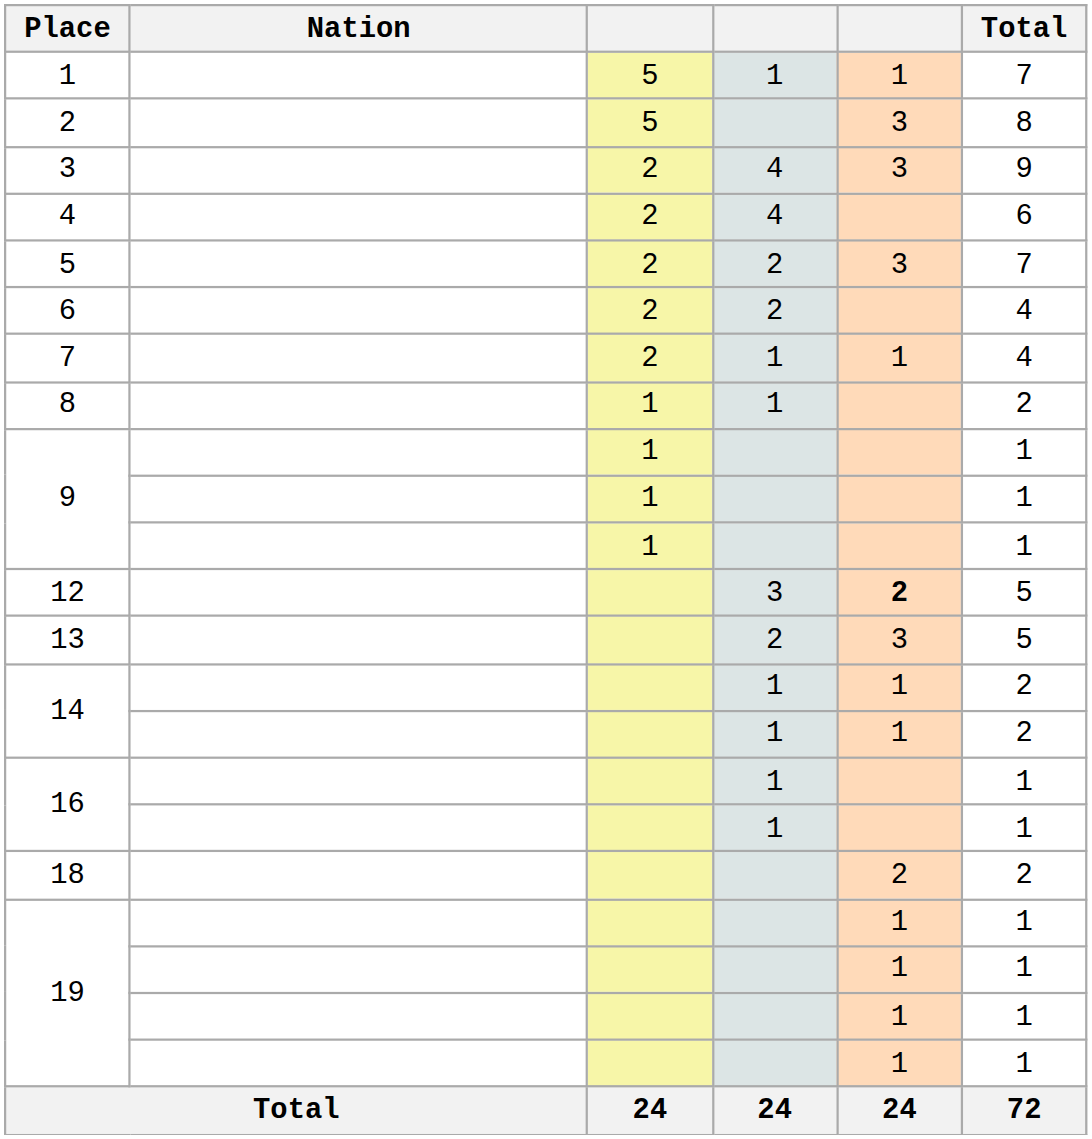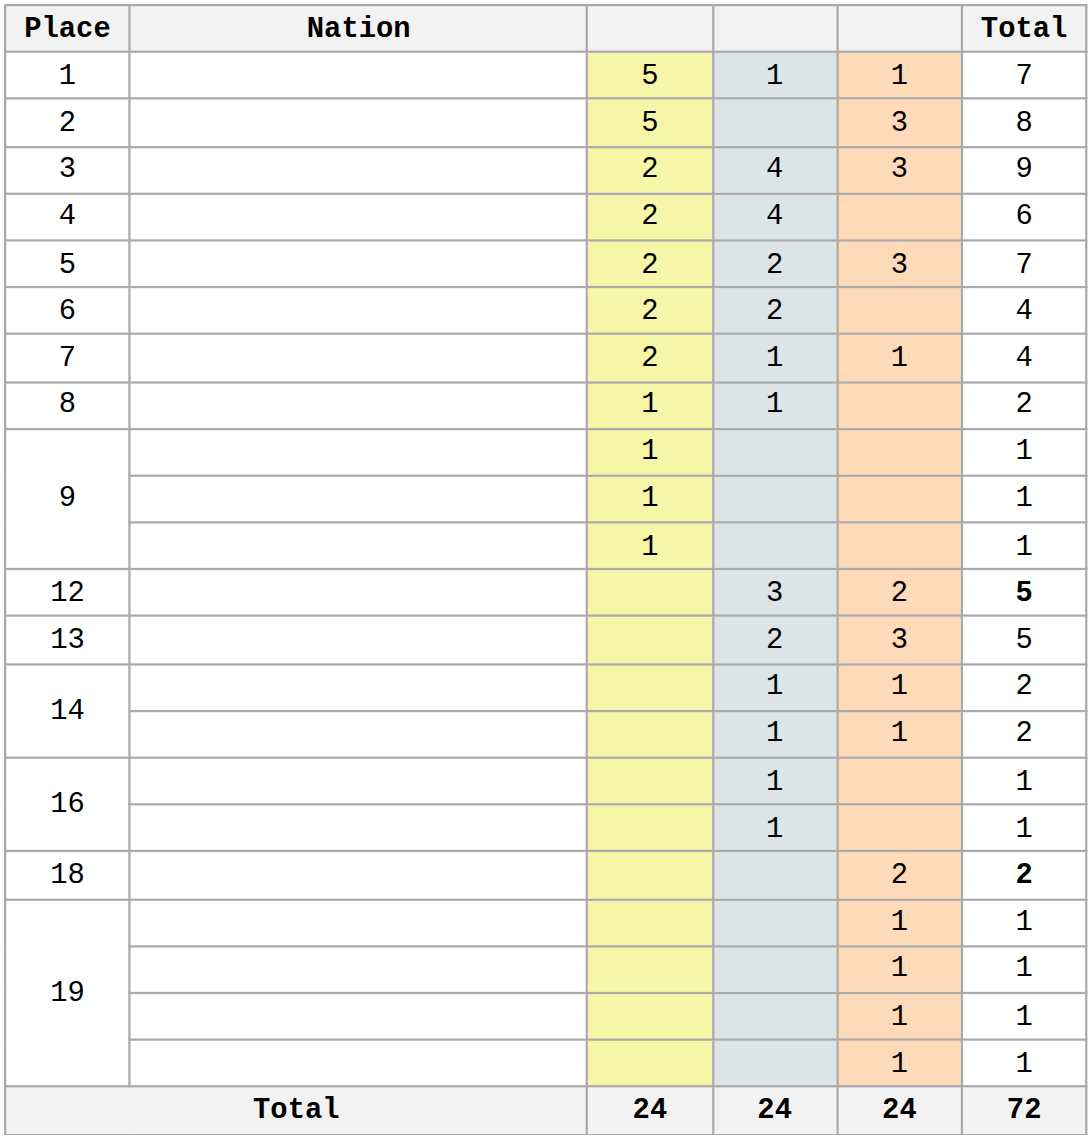 <table class="wikitable" style="border:1px solid #AAAAAA">
 <tr bgcolor="#EFEFEF">
 <th width=50>Place</th>
 <th width=200>Nation</th>
 <th width=50></th>
 <th width=50></th>
 <th width=50></th>
 <th width=50>Total</th>
 </tr>
 <tr align=center bgcolor="#FFFFFF">
 <td>1</td>
 <td align="left"></td>
 <td style="background:#F7F6A8;">5</td>
 <td style="background:#DCE5E5;">1</td>
 <td style="background:#FFDAB9;">1</td>
 <td>7</td>
 </tr>
 <tr align=center bgcolor="#FFFFFF">
 <td>2</td>
 <td align="left"></td>
 <td style="background:#F7F6A8;">5</td>
 <td style="background:#DCE5E5;"></td>
 <td style="background:#FFDAB9;">3</td>
 <td>8</td>
 </tr>
 <tr align=center bgcolor="#FFFFFF">
 <td>3</td>
 <td align="left"></td>
 <td style="background:#F7F6A8;">2</td>
 <td style="background:#DCE5E5;">4</td>
 <td style="background:#FFDAB9;">3</td>
 <td>9</td>
 </tr>
 <tr align=center bgcolor="#FFFFFF">
 <td>4</td>
 <td align="left"></td>
 <td style="background:#F7F6A8;">2</td>
 <td style="background:#DCE5E5;">4</td>
 <td style="background:#FFDAB9;"></td>
 <td>6</td>
 </tr>
 <tr align=center bgcolor="#FFFFFF">
 <td>5</td>
 <td align="left"></td>
 <td style="background:#F7F6A8;">2</td>
 <td style="background:#DCE5E5;">2</td>
 <td style="background:#FFDAB9;">3</td>
 <td>7</td>
 </tr>
 <tr align=center bgcolor="#FFFFFF">
 <td>6</td>
 <td align="left"></td>
 <td style="background:#F7F6A8;">2</td>
 <td style="background:#DCE5E5;">2</td>
 <td style="background:#FFDAB9;"></td>
 <td>4</td>
 </tr>
 <tr align=center bgcolor="#FFFFFF">
 <td>7</td>
 <td align="left"></td>
 <td style="background:#F7F6A8;">2</td>
 <td style="background:#DCE5E5;">1</td>
 <td style="background:#FFDAB9;">1</td>
 <td>4</td>
 </tr>
 <tr align=center bgcolor="#FFFFFF">
 <td>8</td>
 <td align="left"></td>
 <td style="background:#F7F6A8;">1</td>
 <td style="background:#DCE5E5;">1</td>
 <td style="background:#FFDAB9;"></td>
 <td>2</td>
 </tr>
 <tr align=center bgcolor="#FFFFFF">
 <td rowspan="3">9</td>
 <td align="left"></td>
 <td style="background:#F7F6A8;">1</td>
 <td style="background:#DCE5E5;"></td>
 <td style="background:#FFDAB9;"></td>
 <td>1</td>
 </tr>
 <tr align=center bgcolor="#FFFFFF">
 <td align="left"></td>
 <td style="background:#F7F6A8;">1</td>
 <td style="background:#DCE5E5;"></td>
 <td style="background:#FFDAB9;"></td>
 <td>1</td>
 </tr>
 <tr align=center bgcolor="#FFFFFF">
 <td align="left"></td>
 <td style="background:#F7F6A8;">1</td>
 <td style="background:#DCE5E5;"></td>
 <td style="background:#FFDAB9;"></td>
 <td>1</td>
 </tr>
 <tr align=center bgcolor="#FFFFFF">
 <td>12</td>
 <td align="left"></td>
 <td style="background:#F7F6A8;"></td>
 <td style="background:#DCE5E5;">3</td>
-<td style="background:#FFDAB9;"><strong>2</strong></td>
-<td>5</td>
+<td style="background:#FFDAB9;">2</td>
+<td><strong>5</strong></td>
 </tr>
 <tr align=center bgcolor="#FFFFFF">
 <td>13</td>
 <td align="left"></td>
 <td style="background:#F7F6A8;"></td>
 <td style="background:#DCE5E5;">2</td>
 <td style="background:#FFDAB9;">3</td>
 <td>5</td>
 </tr>
 <tr align=center bgcolor="#FFFFFF">
 <td rowspan="2">14</td>
 <td align="left"></td>
 <td style="background:#F7F6A8;"></td>
 <td style="background:#DCE5E5;">1</td>
 <td style="background:#FFDAB9;">1</td>
 <td>2</td>
 </tr>
 <tr align=center bgcolor="#FFFFFF">
 <td align="left"></td>
 <td style="background:#F7F6A8;"></td>
 <td style="background:#DCE5E5;">1</td>
 <td style="background:#FFDAB9;">1</td>
 <td>2</td>
 </tr>
 <tr align=center bgcolor="#FFFFFF">
 <td rowspan="2">16</td>
 <td align="left"></td>
 <td style="background:#F7F6A8;"></td>
 <td style="background:#DCE5E5;">1</td>
 <td style="background:#FFDAB9;"></td>
 <td>1</td>
 </tr>
 <tr align=center bgcolor="#FFFFFF">
 <td align="left"></td>
 <td style="background:#F7F6A8;"></td>
 <td style="background:#DCE5E5;">1</td>
 <td style="background:#FFDAB9;"></td>
 <td>1</td>
 </tr>
 <tr align=center bgcolor="#FFFFFF">
 <td>18</td>
 <td align="left"></td>
 <td style="background:#F7F6A8;"></td>
 <td style="background:#DCE5E5;"></td>
 <td style="background:#FFDAB9;">2</td>
-<td>2</td>
+<td><strong>2</strong></td>
 </tr>
 <tr align=center bgcolor="#FFFFFF">
 <td rowspan="4">19</td>
 <td align="left"></td>
 <td style="background:#F7F6A8;"></td>
 <td style="background:#DCE5E5;"></td>
 <td style="background:#FFDAB9;">1</td>
 <td>1</td>
 </tr>
 <tr align=center bgcolor="#FFFFFF">
 <td align="left"></td>
 <td style="background:#F7F6A8;"></td>
 <td style="background:#DCE5E5;"></td>
 <td style="background:#FFDAB9;">1</td>
 <td>1</td>
 </tr>
 <tr align=center bgcolor="#FFFFFF">
 <td align="left"></td>
 <td style="background:#F7F6A8;"></td>
 <td style="background:#DCE5E5;"></td>
 <td style="background:#FFDAB9;">1</td>
 <td>1</td>
 </tr>
 <tr align=center bgcolor="#FFFFFF">
 <td align="left"></td>
 <td style="background:#F7F6A8;"></td>
 <td style="background:#DCE5E5;"></td>
 <td style="background:#FFDAB9;">1</td>
 <td>1</td>
 </tr>
 <tr bgcolor="#EFEFEF">
 <th colspan=2>Total</th>
 <th>24</th>
 <th>24</th>
 <th>24</th>
 <th>72</th>
 </tr>
 </table>
